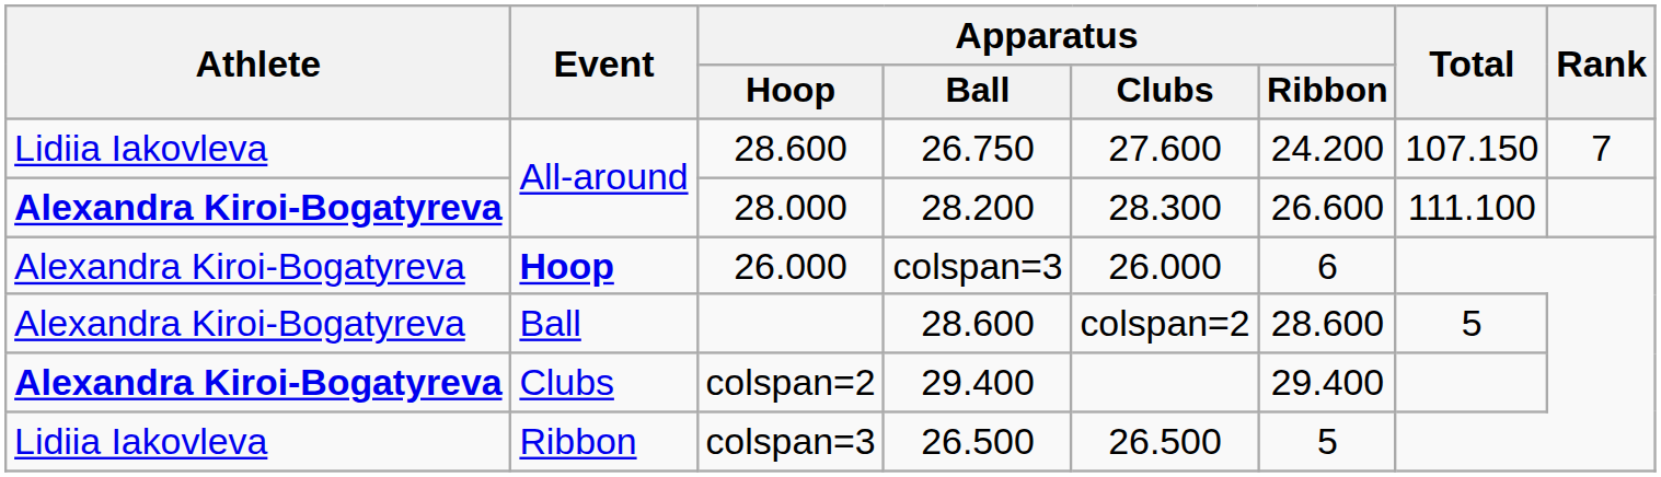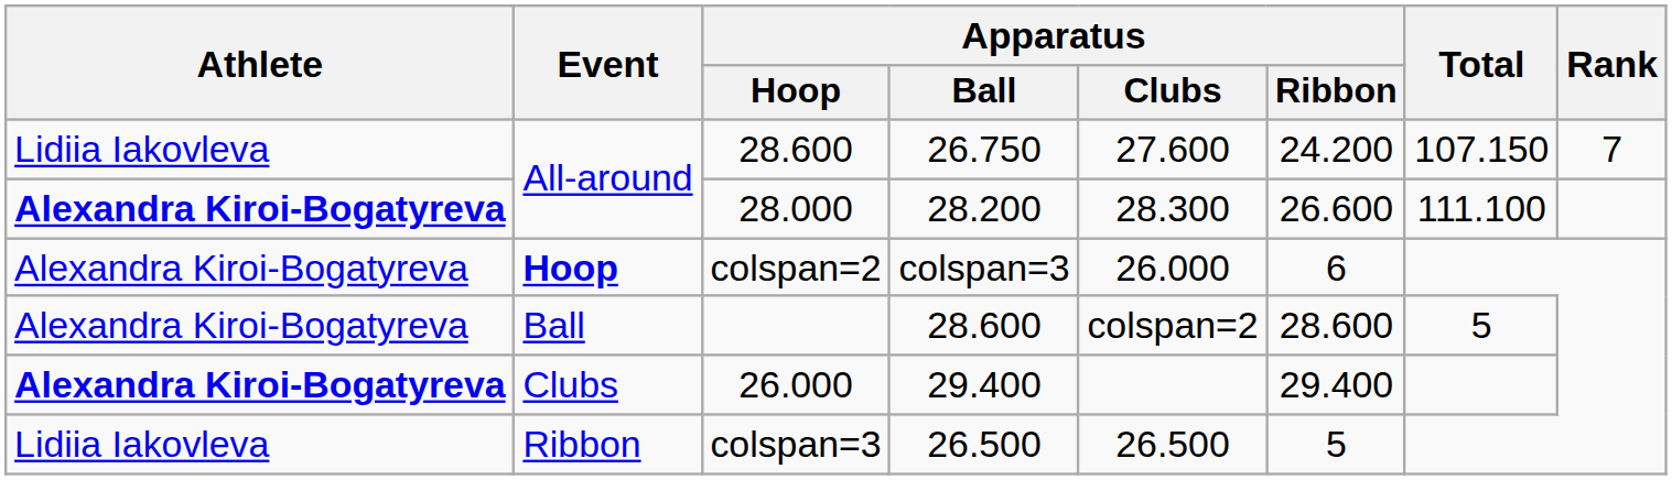 <table class=wikitable style=font-size:90%;text-align:center>
 <tr>
 <th rowspan=2>Athlete</th>
 <th rowspan=2>Event</th>
 <th colspan=4>Apparatus</th>
 <th rowspan=2>Total</th>
 <th rowspan=2>Rank</th>
 </tr>
 <tr style=font-size:95%>
 <th>Hoop</th>
 <th>Ball</th>
 <th>Clubs</th>
 <th>Ribbon</th>
 </tr>
 <tr>
 <td align=left><a href='#'>Lidiia Iakovleva</a></td>
 <td align=left rowspan=2><a href='#'>All-around</a></td>
 <td>28.600</td>
 <td>26.750</td>
 <td>27.600</td>
 <td>24.200</td>
 <td>107.150</td>
 <td>7</td>
 </tr>
 <tr>
 <td align=left><strong><a href='#'>Alexandra Kiroi-Bogatyreva</a></strong></td>
 <td>28.000</td>
 <td>28.200</td>
 <td>28.300</td>
 <td>26.600</td>
 <td>111.100</td>
 <td></td>
 </tr>
 <tr>
 <td align=left><a href='#'>Alexandra Kiroi-Bogatyreva</a></td>
 <td align=left><strong><a href='#'>Hoop</a></strong></td>
-<td>26.000</td>
+<td>colspan=2 </td>
 <td>colspan=3 </td>
 <td>26.000</td>
 <td>6</td>
 </tr>
 <tr>
 <td align=left><a href='#'>Alexandra Kiroi-Bogatyreva</a></td>
 <td align=left><a href='#'>Ball</a></td>
 <td></td>
 <td>28.600</td>
 <td>colspan=2 </td>
 <td>28.600</td>
 <td>5</td>
 </tr>
 <tr>
 <td align=left><strong><a href='#'>Alexandra Kiroi-Bogatyreva</a></strong></td>
 <td align=left><a href='#'>Clubs</a></td>
-<td>colspan=2 </td>
+<td>26.000</td>
 <td>29.400</td>
 <td></td>
 <td>29.400</td>
 <td></td>
 </tr>
 <tr>
 <td align=left><a href='#'>Lidiia Iakovleva</a></td>
 <td align=left><a href='#'>Ribbon</a></td>
 <td>colspan=3 </td>
 <td>26.500</td>
 <td>26.500</td>
 <td>5</td>
 </tr>
 </table>
